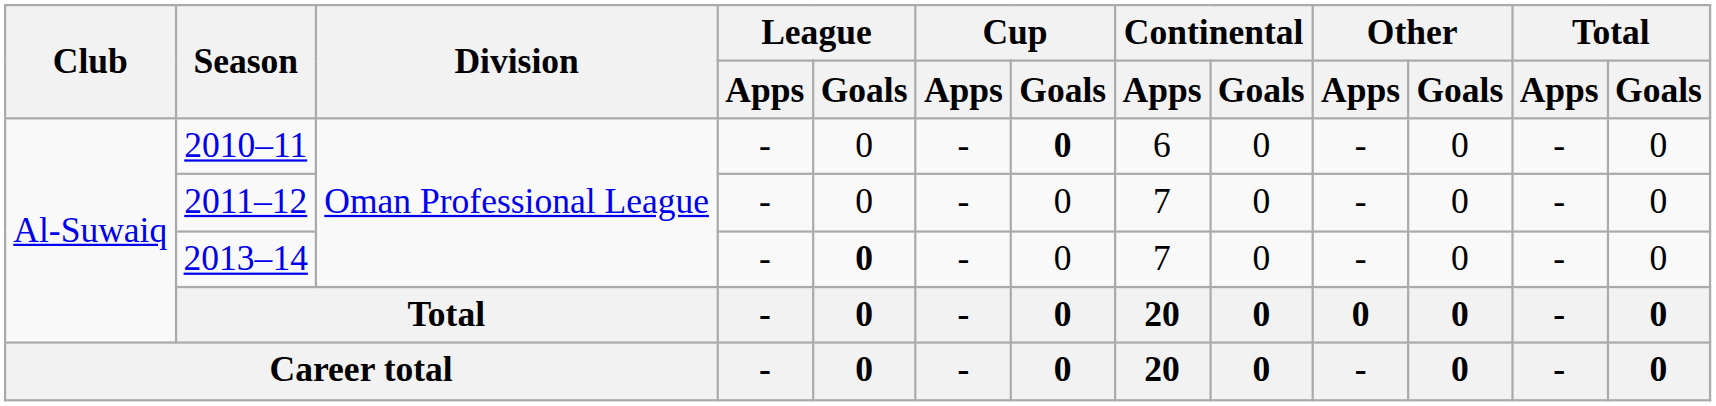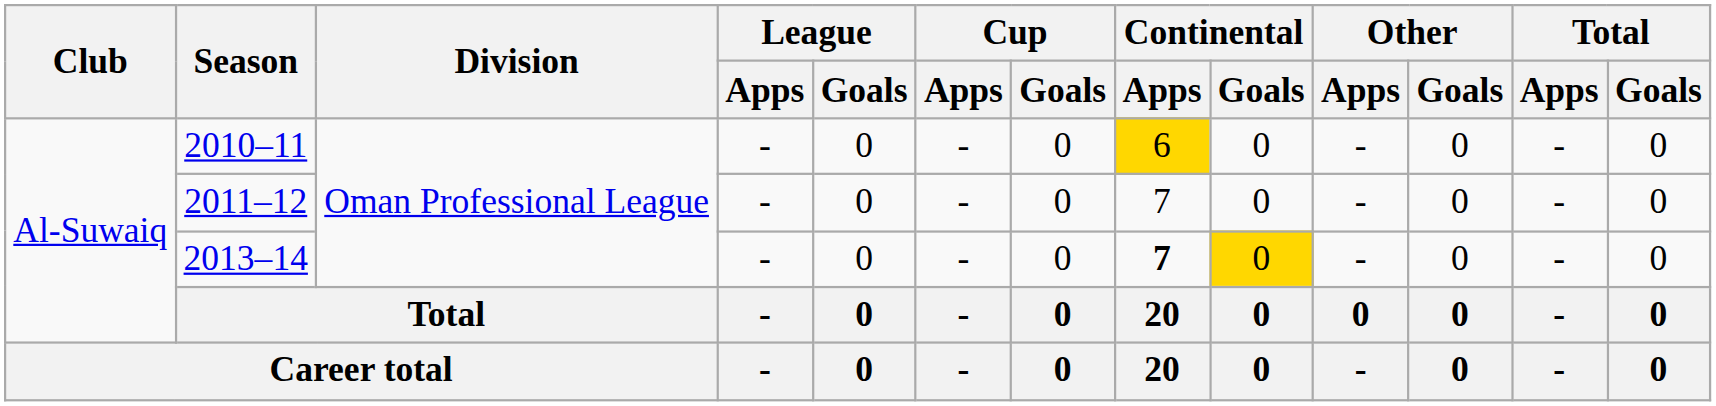 <table class="wikitable" style="text-align: center;">
 <tr>
 <th rowspan="2">Club</th>
 <th rowspan="2">Season</th>
 <th rowspan="2">Division</th>
 <th colspan="2">League</th>
 <th colspan="2">Cup</th>
 <th colspan="2">Continental</th>
 <th colspan="2">Other</th>
 <th colspan="2">Total</th>
 </tr>
 <tr>
 <th>Apps</th>
 <th>Goals</th>
 <th>Apps</th>
 <th>Goals</th>
 <th>Apps</th>
 <th>Goals</th>
 <th>Apps</th>
 <th>Goals</th>
 <th>Apps</th>
 <th>Goals</th>
 </tr>
 <tr>
 <td rowspan="4"><a href='#'>Al-Suwaiq</a></td>
 <td><a href='#'>2010–11</a></td>
 <td rowspan="3"><a href='#'>Oman Professional League</a></td>
 <td>-</td>
 <td>0</td>
 <td>-</td>
-<td><strong>0</strong></td>
-<td>6</td>
+<td>0</td>
+<td style="background: gold;">6</td>
 <td>0</td>
 <td>-</td>
 <td>0</td>
 <td>-</td>
 <td>0</td>
 </tr>
 <tr>
 <td><a href='#'>2011–12</a></td>
 <td>-</td>
 <td>0</td>
 <td>-</td>
 <td>0</td>
 <td>7</td>
 <td>0</td>
 <td>-</td>
 <td>0</td>
 <td>-</td>
 <td>0</td>
 </tr>
 <tr>
 <td><a href='#'>2013–14</a></td>
 <td>-</td>
-<td><strong>0</strong></td>
+<td>0</td>
 <td>-</td>
 <td>0</td>
-<td>7</td>
-<td>0</td>
+<td><strong>7</strong></td>
+<td style="background: gold;">0</td>
 <td>-</td>
 <td>0</td>
 <td>-</td>
 <td>0</td>
 </tr>
 <tr>
 <th colspan="2">Total</th>
 <th>-</th>
 <th>0</th>
 <th>-</th>
 <th>0</th>
 <th>20</th>
 <th>0</th>
 <th>0</th>
 <th>0</th>
 <th>-</th>
 <th>0</th>
 </tr>
 <tr>
 <th colspan="3">Career total</th>
 <th>-</th>
 <th>0</th>
 <th>-</th>
 <th>0</th>
 <th>20</th>
 <th>0</th>
 <th>-</th>
 <th>0</th>
 <th>-</th>
 <th>0</th>
 </tr>
 </table>
